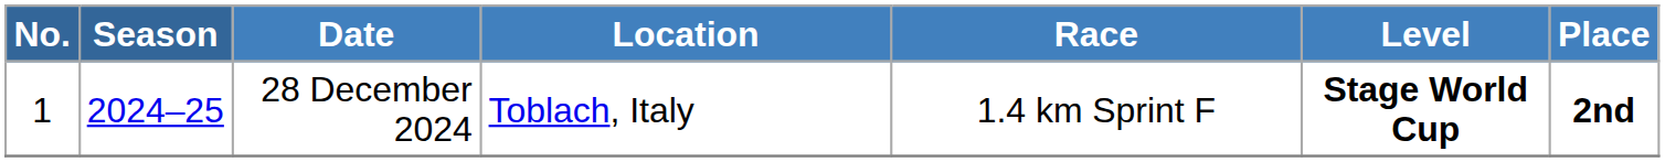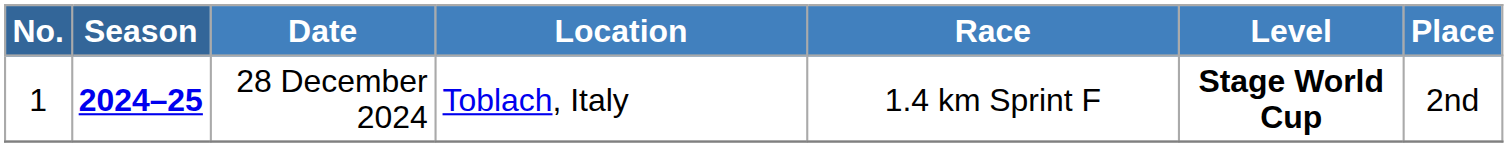 <table class="wikitable sortable" style="font-size:95%; text-align:center; border:grey solid 1px; border-collapse:collapse; background:#ffffff;">
 <tr style="background:#efefef;">
 <th style="background-color:#369; color:white;">No.</th>
 <th style="background-color:#369; color:white;">Season</th>
 <th style="background-color:#4180be; color:white; width:100px;">Date</th>
 <th style="background-color:#4180be; color:white; width:170px;">Location</th>
 <th style="background-color:#4180be; color:white; width:170px;">Race</th>
 <th style="background-color:#4180be; color:white; width:100px;">Level</th>
 <th style="background-color:#4180be; color:white;">Place</th>
 </tr>
 <tr>
 <td align=center>1</td>
-<td rowspan=1 align=center><a href='#'>2024–25</a></td>
+<td rowspan=1 align=center><strong><a href='#'>2024–25</a></strong></td>
 <td align=right>28 December 2024</td>
 <td align=left> <a href='#'>Toblach</a>, Italy</td>
 <td>1.4 km Sprint F</td>
 <td><strong>Stage World Cup</strong></td>
-<td><strong>2nd</strong></td>
+<td>2nd</td>
 </tr>
 <tr>
 </tr>
 </table>
